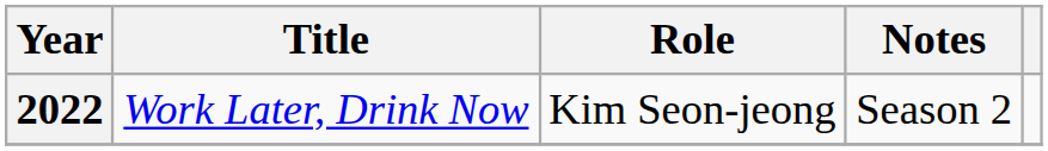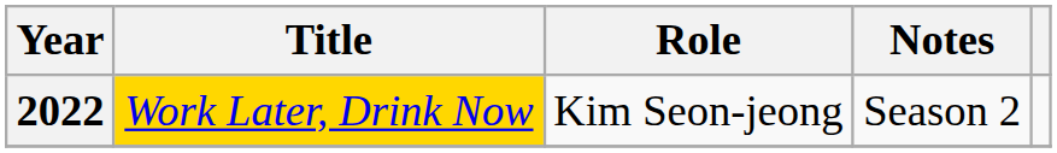 <table class="wikitable plainrowheaders">
 <tr>
 <th scope="col">Year</th>
 <th scope="col">Title</th>
 <th scope="col">Role</th>
 <th scope="col">Notes</th>
 <th scope="col" class="unsortable"></th>
 </tr>
 <tr>
 <th scope="row">2022</th>
-<td><em><a href='#'>Work Later, Drink Now</a></em></td>
+<td style="background: gold;"><em><a href='#'>Work Later, Drink Now</a></em></td>
 <td>Kim Seon-jeong</td>
 <td>Season 2</td>
 <td></td>
 </tr>
 <tr>
 </tr>
 </table>
